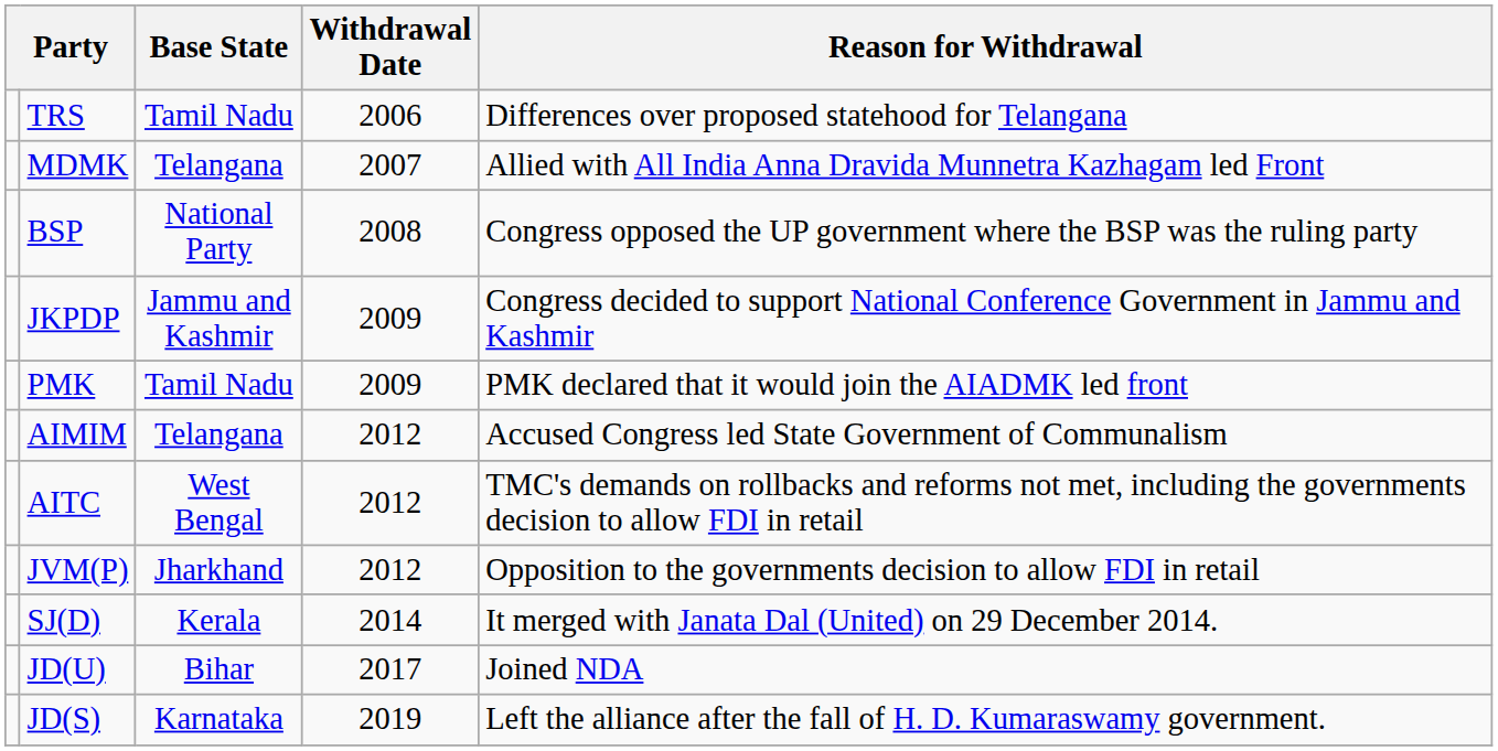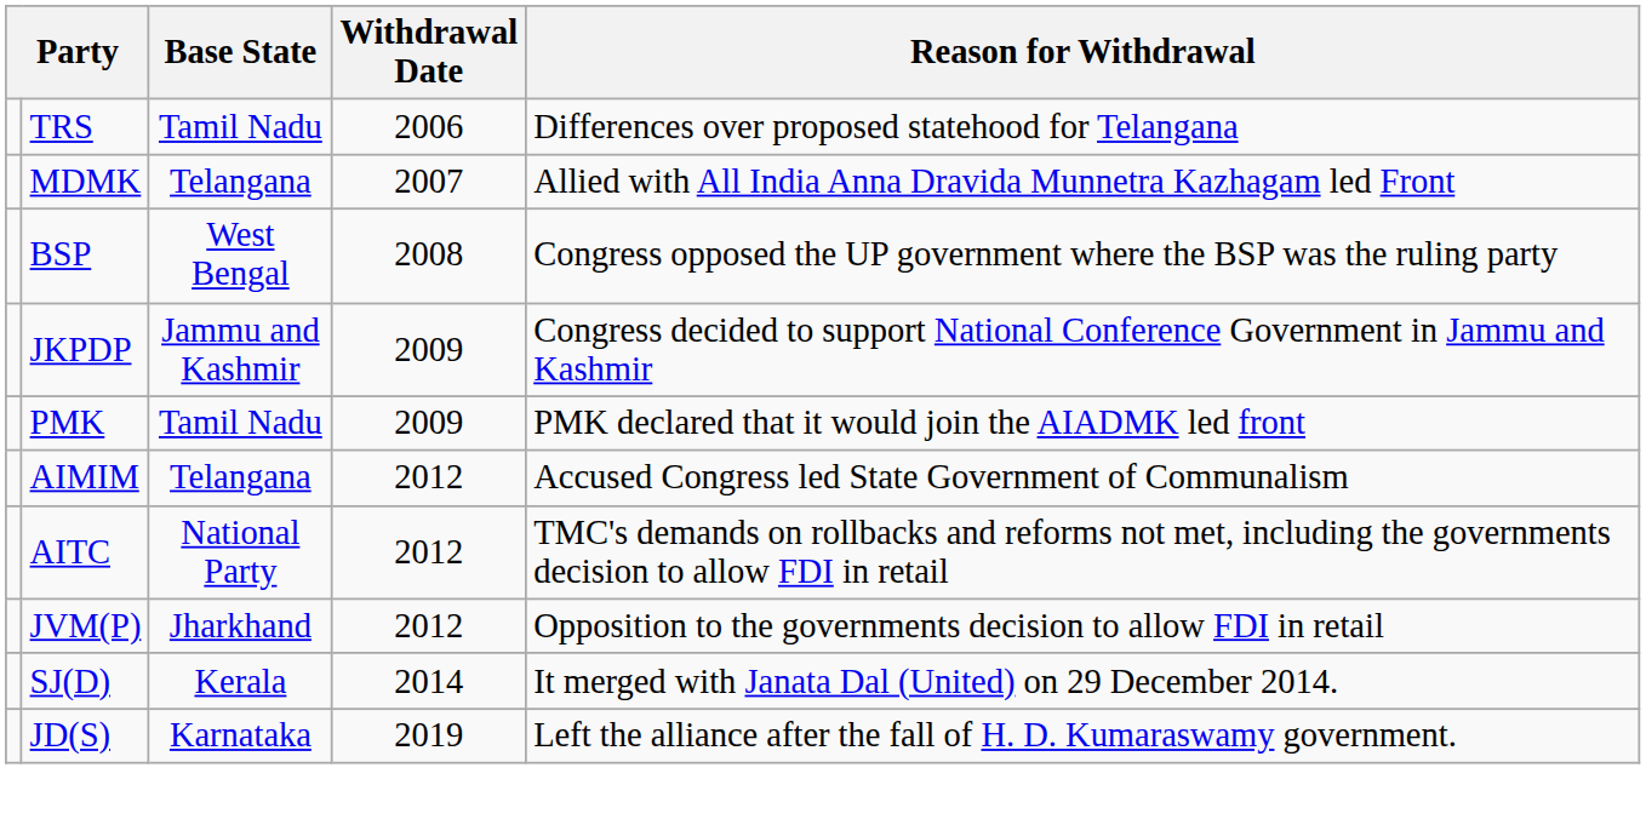 <table class="wikitable sortable" style="width:60%;">
 <tr>
 <th colspan="2" style="width:30px;">Party</th>
 <th style="width:80px;">Base State</th>
 <th style="width:60px;">Withdrawal Date</th>
 <th style="width:600px;">Reason for Withdrawal</th>
 </tr>
 <tr>
 <td style="background-color:"></td>
 <td> <a href='#'>TRS</a></td>
 <td style="text-align: center;"><a href='#'>Tamil Nadu</a></td>
 <td style="text-align: center;">2006</td>
 <td>Differences over proposed statehood for <a href='#'>Telangana</a></td>
 </tr>
 <tr>
 <td style="background-color:"></td>
 <td> <a href='#'>MDMK</a></td>
 <td style="text-align: center;"><a href='#'>Telangana</a></td>
 <td style="text-align: center;">2007</td>
 <td>Allied with <a href='#'>All India Anna Dravida Munnetra Kazhagam</a> led <a href='#'>Front</a></td>
 </tr>
 <tr>
 <td style="background-color:"></td>
 <td> <a href='#'>BSP</a></td>
-<td style="text-align: center;"><a href='#'>National Party</a></td>
+<td style="text-align: center;"><a href='#'>West Bengal</a></td>
 <td style="text-align: center;">2008</td>
 <td>Congress opposed the UP government where the BSP was the ruling party</td>
 </tr>
 <tr>
 <td style="background-color:"></td>
 <td><a href='#'>JKPDP</a></td>
 <td style="text-align: center;"><a href='#'>Jammu and Kashmir</a></td>
 <td style="text-align: center;">2009</td>
 <td>Congress decided to support <a href='#'>National Conference</a> Government in <a href='#'>Jammu and Kashmir</a></td>
 </tr>
 <tr>
 <td style="background-color:"></td>
 <td> <a href='#'>PMK</a></td>
 <td style="text-align: center;"><a href='#'>Tamil Nadu</a></td>
 <td style="text-align: center;">2009</td>
 <td>PMK declared that it would join the <a href='#'>AIADMK</a> led <a href='#'>front</a></td>
 </tr>
 <tr>
 <td style="background-color:"></td>
 <td><a href='#'>AIMIM</a></td>
 <td style="text-align: center;"><a href='#'>Telangana</a></td>
 <td style="text-align: center;">2012</td>
 <td>Accused Congress led State Government of Communalism</td>
 </tr>
 <tr>
 <td style="background-color:"></td>
 <td> <a href='#'>AITC</a></td>
-<td style="text-align: center;"><a href='#'>West Bengal</a></td>
+<td style="text-align: center;"><a href='#'>National Party</a></td>
 <td style="text-align: center;">2012</td>
 <td>TMC's demands on rollbacks and reforms not met, including the governments decision to allow <a href='#'>FDI</a> in retail</td>
 </tr>
 <tr>
 <td style="background-color:"></td>
 <td><a href='#'>JVM(P)</a></td>
 <td style="text-align: center;"><a href='#'>Jharkhand</a></td>
 <td style="text-align: center;">2012</td>
 <td>Opposition to the governments decision to allow <a href='#'>FDI</a> in retail</td>
 </tr>
 <tr>
 <td style="background-color:"></td>
 <td><a href='#'>SJ(D)</a></td>
 <td style="text-align: center;"><a href='#'>Kerala</a></td>
 <td style="text-align: center;">2014</td>
 <td>It merged with <a href='#'>Janata Dal (United)</a> on 29 December 2014.</td>
 </tr>
 <tr>
 <td style="background-color:"></td>
-<td><a href='#'>JD(U)</a></td>
-<td style="text-align: center;"><a href='#'>Bihar</a></td>
-<td style="text-align: center;">2017</td>
-<td>Joined <a href='#'>NDA</a></td>
-</tr>
-<tr>
-<td style="background-color:"></td>
 <td><a href='#'>JD(S)</a></td>
 <td style="text-align: center;"><a href='#'>Karnataka</a></td>
 <td style="text-align: center;">2019</td>
 <td>Left the alliance after the fall of <a href='#'>H. D. Kumaraswamy</a> government.</td>
 </tr>
 </table>
